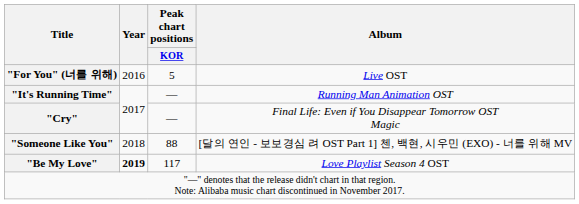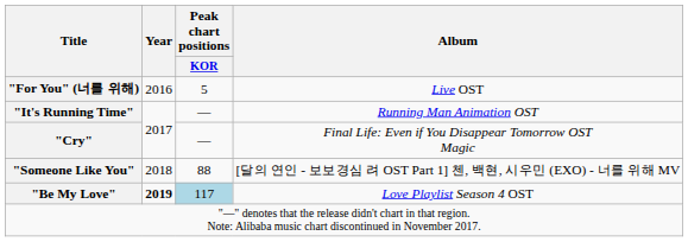 <table class="wikitable plainrowheaders" style="text-align:center">
 <tr>
 <th rowspan="2">Title</th>
 <th rowspan="2">Year</th>
 <th colspan="1">Peak<br>chart<br> positions</th>
 <th rowspan="2">Album</th>
 </tr>
 <tr>
 <th scope="col" style="font-size:90%"><a href='#'>KOR</a><br></th>
 </tr>
 <tr>
 <th scope="row">"For You" (너를 위해)</th>
 <td>2016</td>
 <td>5</td>
 <td><em><a href='#'>Live</a></em> OST</td>
 </tr>
 <tr>
 <th scope="row">"It's Running Time"</th>
 <td rowspan="2">2017</td>
 <td>—</td>
 <td><a href='#'><em>Running Man Animation</em></a> <em>OST</em></td>
 </tr>
 <tr>
 <th scope="row">"Cry"</th>
 <td>—</td>
 <td><em>Final Life: Even if You Disappear Tomorrow OST</em><br><em>Magic</em></td>
 </tr>
 <tr>
 <th scope="row">"Someone Like You"</th>
 <td>2018</td>
 <td>88</td>
 <td>[달의 연인 - 보보경심 려 OST Part 1] 첸, 백현, 시우민 (EXO) - 너를 위해 MV</td>
 </tr>
 <tr>
 <th scope="row">"Be My Love"</th>
 <td><strong>2019</strong></td>
-<td>117</td>
+<td style="background: lightblue;">117</td>
 <td><em><a href='#'>Love Playlist</a> Season 4</em> OST</td>
 </tr>
 <tr>
 <td colspan="6" style="text-align:center; font-size:85%">"—" denotes that the release didn't chart in that region.<br>Note: Alibaba music chart discontinued in November 2017.</td>
 </tr>
 </table>
